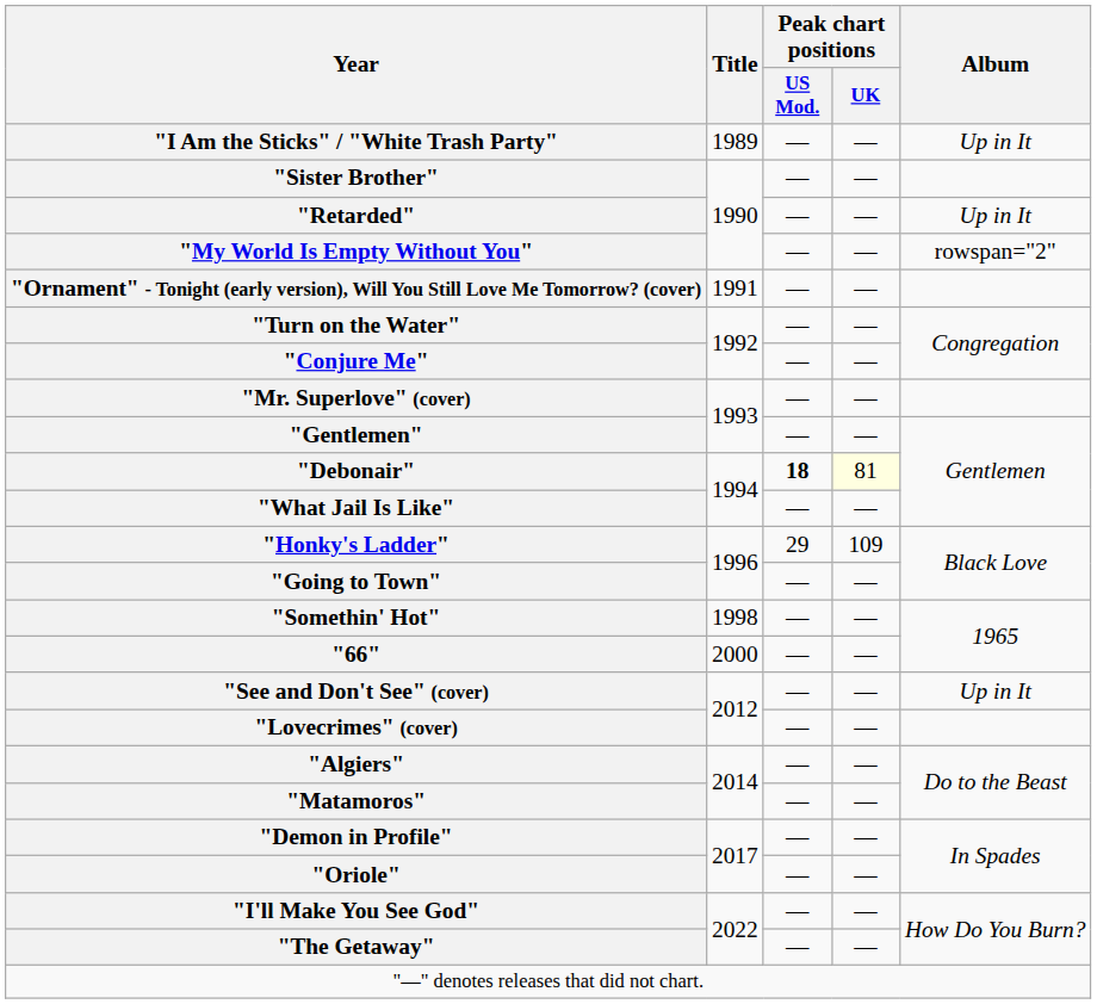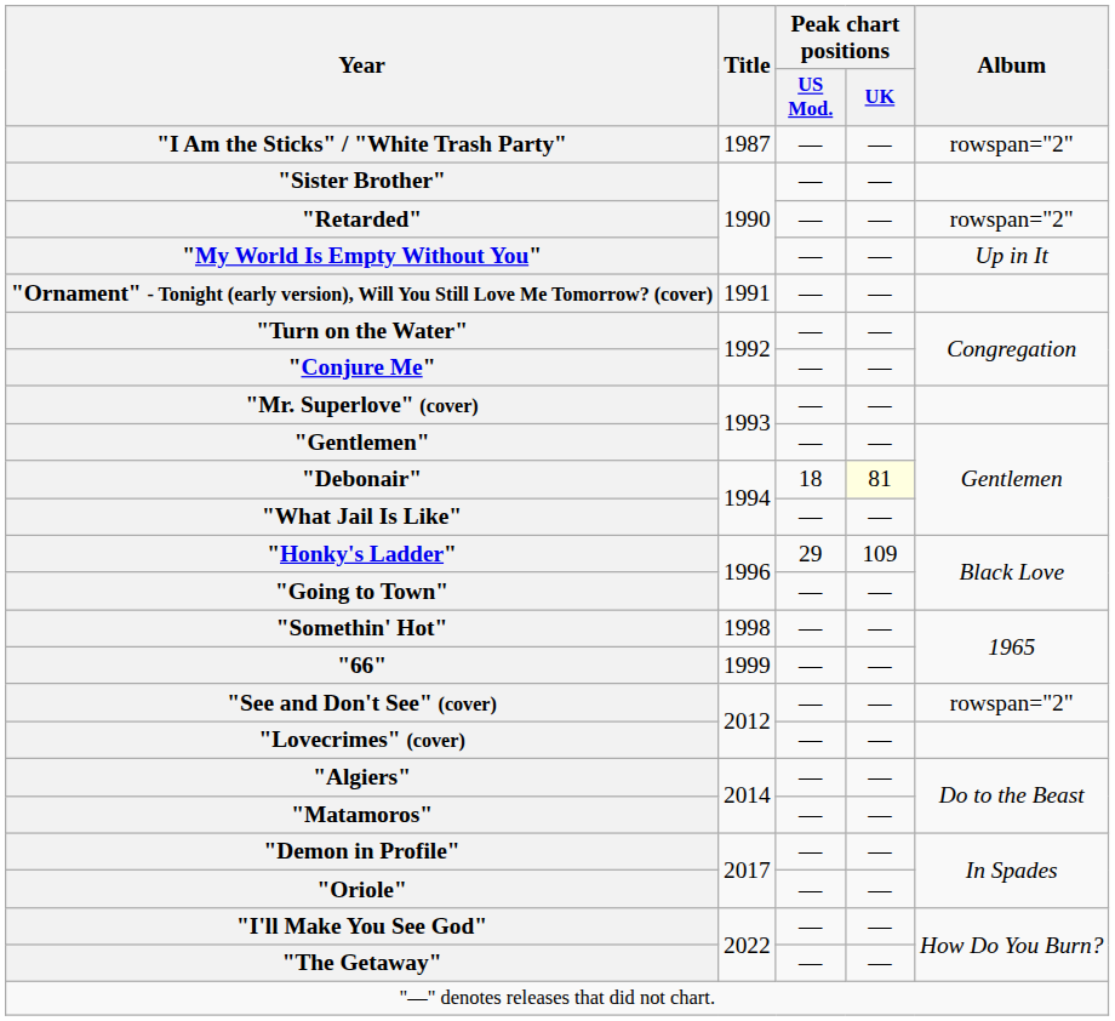 <table class="wikitable plainrowheaders" style="text-align:center">
 <tr>
 <th scope="col" rowspan="2">Year</th>
 <th scope="col" rowspan="2">Title</th>
 <th colspan="2">Peak chart positions</th>
 <th scope="col" rowspan="2">Album</th>
 </tr>
 <tr>
 <th style="width:3em;font-size:85%"><a href='#'>US<br>Mod.</a><br></th>
 <th style="width:3em;font-size:85%"><a href='#'>UK</a><br></th>
 </tr>
 <tr>
 <th scope="row">"I Am the Sticks" / "White Trash Party"</th>
-<td>1989</td>
+<td>1987</td>
 <td>—</td>
 <td>—</td>
-<td align="center"><em>Up in It</em></td>
+<td>rowspan="2" </td>
 </tr>
 <tr>
 <th scope="row">"Sister Brother"</th>
 <td rowspan="3">1990</td>
 <td>—</td>
 <td>—</td>
 </tr>
 <tr>
 <th scope="row">"Retarded"</th>
 <td>—</td>
 <td>—</td>
-<td align="center"><em>Up in It</em></td>
+<td>rowspan="2" </td>
 </tr>
 <tr>
 <th scope="row">"<a href='#'>My World Is Empty Without You</a>"</th>
 <td>—</td>
 <td>—</td>
-<td>rowspan="2" </td>
+<td align="center"><em>Up in It</em></td>
 </tr>
 <tr>
 <th scope="row">"Ornament" <small>- Tonight (early version), Will You Still Love Me Tomorrow? (cover)</small></th>
 <td>1991</td>
 <td>—</td>
 <td>—</td>
 </tr>
 <tr>
 <th scope="row">"Turn on the Water"</th>
 <td rowspan="2">1992</td>
 <td>—</td>
 <td>—</td>
 <td rowspan="2"><em>Congregation</em></td>
 </tr>
 <tr>
 <th scope="row">"<a href='#'>Conjure Me</a>"</th>
 <td>—</td>
 <td>—</td>
 </tr>
 <tr>
 <th scope="row">"Mr. Superlove" <small>(cover)</small></th>
 <td rowspan="2">1993</td>
 <td>—</td>
 <td>—</td>
 <td></td>
 </tr>
 <tr>
 <th scope="row">"Gentlemen"</th>
 <td>—</td>
 <td>—</td>
 <td rowspan="3"><em>Gentlemen</em></td>
 </tr>
 <tr>
 <th scope="row">"Debonair"</th>
 <td rowspan="2">1994</td>
-<td><strong>18</strong></td>
+<td>18</td>
 <td style="background: lightyellow;">81</td>
 </tr>
 <tr>
 <th scope="row">"What Jail Is Like"</th>
 <td>—</td>
 <td>—</td>
 </tr>
 <tr>
 <th scope="row">"<a href='#'>Honky's Ladder</a>"</th>
 <td rowspan="2">1996</td>
 <td>29</td>
 <td>109</td>
 <td rowspan="2"><em>Black Love</em></td>
 </tr>
 <tr>
 <th scope="row">"Going to Town"</th>
 <td>—</td>
 <td>—</td>
 </tr>
 <tr>
 <th scope="row">"Somethin' Hot"</th>
 <td>1998</td>
 <td>—</td>
 <td>—</td>
 <td rowspan="2"><em>1965</em></td>
 </tr>
 <tr>
 <th scope="row">"66"</th>
-<td>2000</td>
+<td>1999</td>
 <td>—</td>
 <td>—</td>
 </tr>
 <tr>
 <th scope="row">"See and Don't See" <small>(cover)</small></th>
 <td rowspan="2">2012</td>
 <td>—</td>
 <td>—</td>
-<td align="center"><em>Up in It</em></td>
+<td>rowspan="2" </td>
 </tr>
 <tr>
 <th scope="row">"Lovecrimes" <small>(cover)</small></th>
 <td>—</td>
 <td>—</td>
 </tr>
 <tr>
 <th scope="row">"Algiers"</th>
 <td rowspan="2">2014</td>
 <td>—</td>
 <td>—</td>
 <td rowspan="2"><em>Do to the Beast</em></td>
 </tr>
 <tr>
 <th scope="row">"Matamoros"</th>
 <td>—</td>
 <td>—</td>
 </tr>
 <tr>
 <th scope="row">"Demon in Profile"</th>
 <td rowspan="2">2017</td>
 <td>—</td>
 <td>—</td>
 <td rowspan="2"><em>In Spades</em></td>
 </tr>
 <tr>
 <th scope="row">"Oriole"</th>
 <td>—</td>
 <td>—</td>
 </tr>
 <tr>
 <th scope="row">"I'll Make You See God"</th>
 <td rowspan="2">2022</td>
 <td>—</td>
 <td>—</td>
 <td rowspan="2"><em>How Do You Burn?</em></td>
 </tr>
 <tr>
 <th scope="row">"The Getaway"</th>
 <td>—</td>
 <td>—</td>
 </tr>
 <tr>
 <td colspan="7" style="font-size:85%">"—" denotes releases that did not chart.</td>
 </tr>
 </table>
